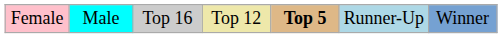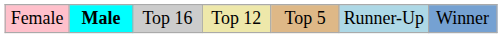 <table class="wikitable" style="margin:1em auto; text-align:center;">
 <tr>
 </tr>
 <tr>
 <td style="background:pink;" width="13%">Female</td>
-<td style="background:cyan;" width="13%">Male</td>
+<td style="background:cyan;" width="13%"><strong>Male</strong></td>
 <td style="background:#CCCCCC;" width="14%">Top 16</td>
 <td style="background:palegoldenrod;" width="14%">Top 12</td>
-<td style="background:#DEB887" width="14%"><strong>Top 5</strong></td>
+<td style="background:#DEB887" width="14%">Top 5</td>
 <td style="background:lightblue" width="18%">Runner-Up</td>
 <td style="background:#75A1D2" width="18%">Winner</td>
 </tr>
 </table>
